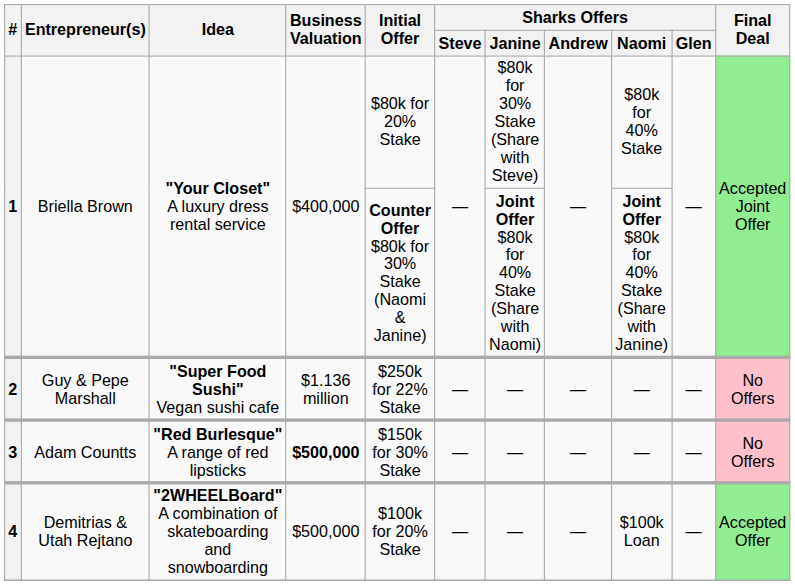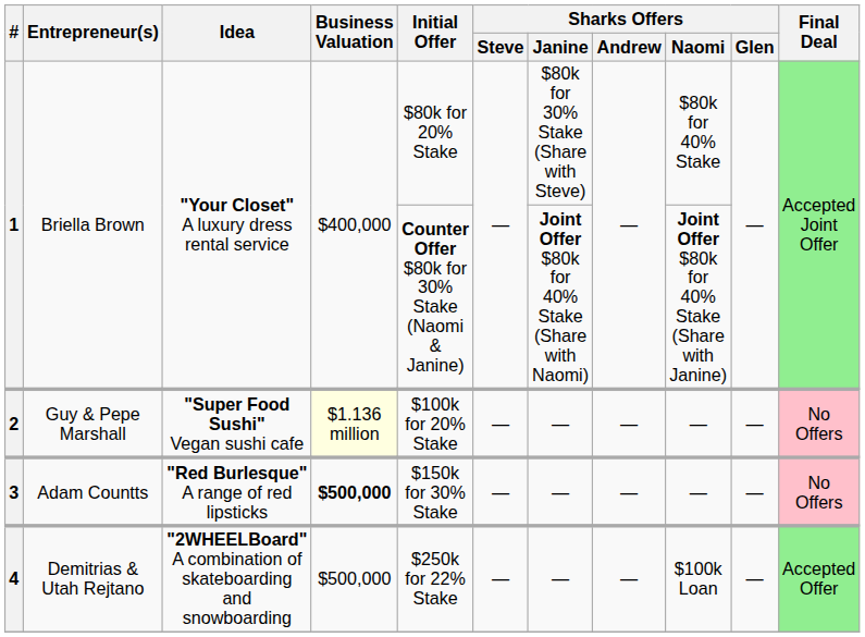 <table class="wikitable plainrowheaders" style="font-size:90%; text-align:center; width: 100%; margin-left: auto; margin-right: auto;">
 <tr>
 <th scope="col" bgcolor="lightgrey" rowspan="2" width="15" align="center">#</th>
 <th scope="col" bgcolor="lightgrey" rowspan="2" width="200" align="center">Entrepreneur(s)</th>
 <th scope="col" bgcolor="lightgrey" rowspan="2" width="200" align="center">Idea</th>
 <th scope="col" bgcolor="lightgrey" rowspan="2" width="95" align="center">Business Valuation</th>
 <th scope="col" bgcolor="lightgrey" rowspan="2" width="110" align="center">Initial Offer</th>
 <th scope="col" bgcolor="lightgrey" colspan="5">Sharks Offers</th>
 <th scope="col" bgcolor="lightgrey" rowspan="2" width="80" align="center">Final Deal</th>
 </tr>
 <tr>
 <th width="80" align="center"><strong>Steve</strong></th>
 <th width="80" align="center"><strong>Janine</strong></th>
 <th width="80" align="center"><strong>Andrew</strong></th>
 <th width="80" align="center"><strong>Naomi</strong></th>
 <th width="80" align="center"><strong>Glen</strong></th>
 </tr>
 <tr>
 <th rowspan="2">1</th>
 <td rowspan="2">Briella Brown</td>
 <td rowspan="2"><strong>"Your Closet"</strong><br> A luxury dress rental service</td>
 <td rowspan="2">$400,000</td>
 <td>$80k for 20% Stake</td>
 <td rowspan="2">—</td>
 <td>$80k for 30% Stake (Share with Steve)</td>
 <td rowspan="2">—</td>
 <td>$80k for 40% Stake</td>
 <td rowspan="2">—</td>
 <td rowspan="2" bgcolor="lightgreen">Accepted Joint Offer</td>
 </tr>
 <tr>
 <td><strong>Counter Offer</strong><br>$80k for 30% Stake<br>(Naomi & Janine)</td>
 <td><strong>Joint Offer</strong><br>$80k for 40% Stake<br>(Share with Naomi)</td>
 <td><strong>Joint Offer</strong><br>$80k for 40% Stake<br>(Share with Janine)</td>
 </tr>
 <tr>
 </tr>
 <tr style="border-top:3px solid #aaa;">
 <th>2</th>
 <td>Guy & Pepe Marshall</td>
 <td><strong>"Super Food Sushi"</strong><br> Vegan sushi cafe</td>
-<td>$1.136 million</td>
-<td>$250k for 22% Stake</td>
+<td style="background: lightyellow;">$1.136 million</td>
+<td>$100k for 20% Stake</td>
 <td>—</td>
 <td>—</td>
 <td>—</td>
 <td>—</td>
 <td>—</td>
 <td bgcolor="pink">No Offers</td>
 </tr>
 <tr>
 </tr>
 <tr style="border-top:3px solid #aaa;">
 <th>3</th>
 <td>Adam Countts</td>
 <td><strong>"Red Burlesque"</strong><br> A range of red lipsticks</td>
 <td><strong>$500,000</strong></td>
 <td>$150k for 30% Stake</td>
 <td>—</td>
 <td>—</td>
 <td>—</td>
 <td>—</td>
 <td>—</td>
 <td bgcolor="pink">No Offers</td>
 </tr>
 <tr>
 </tr>
 <tr style="border-top:3px solid #aaa;">
 <th>4</th>
 <td>Demitrias & Utah Rejtano</td>
 <td><strong>"2WHEELBoard"</strong><br> A combination of skateboarding and snowboarding</td>
 <td>$500,000</td>
-<td>$100k for 20% Stake</td>
+<td>$250k for 22% Stake</td>
 <td>—</td>
 <td>—</td>
 <td>—</td>
 <td>$100k Loan</td>
 <td>—</td>
 <td bgcolor="lightgreen">Accepted Offer</td>
 </tr>
 <tr>
 </tr>
 </table>
